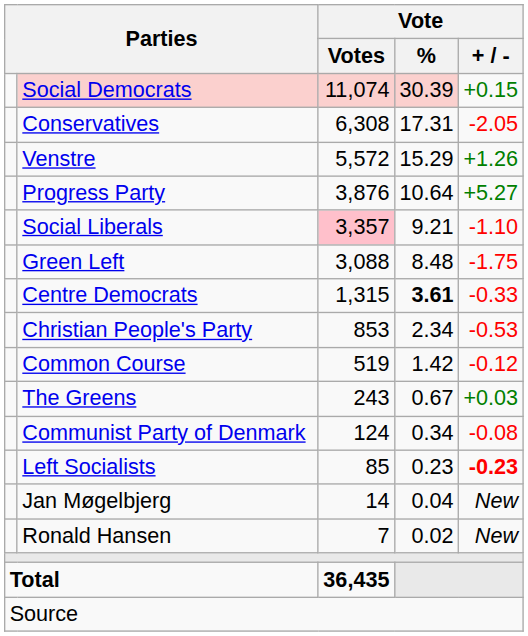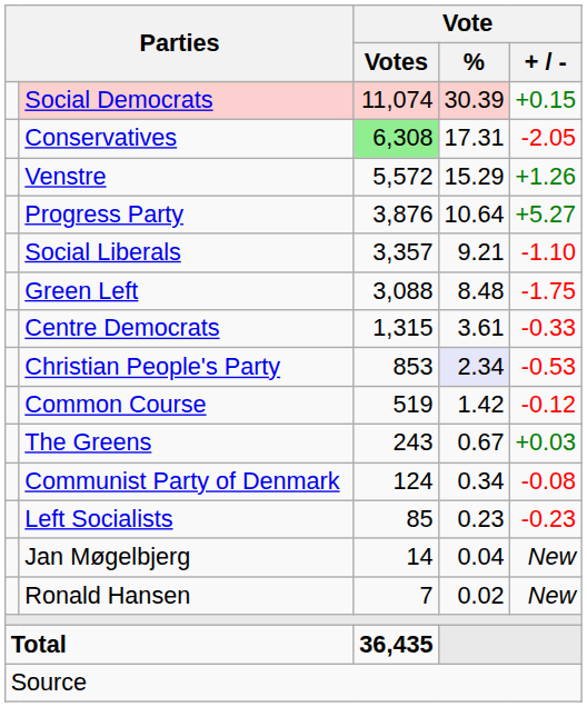 <table class="wikitable" style="text-align:right;">
 <tr>
 <th style="text-align:centre;" rowspan="2" colspan="2" width="225">Parties</th>
 <th colspan="3">Vote</th>
 </tr>
 <tr>
 <th width="15">Votes</th>
 <th width="15">%</th>
 <th width="15">+ / -</th>
 </tr>
 <tr>
 <td width="2" style="color:inherit;background:"></td>
 <td bgcolor=#fbd0ce  align="left"><a href='#'>Social Democrats</a></td>
 <td bgcolor=#fbd0ce>11,074</td>
 <td bgcolor=#fbd0ce>30.39</td>
 <td style=color:green;>+0.15</td>
 </tr>
 <tr>
 <td width="2" style="color:inherit;background:"></td>
 <td align="left"><a href='#'>Conservatives</a></td>
-<td>6,308</td>
+<td style="background: lightgreen;">6,308</td>
 <td>17.31</td>
 <td style=color:red;>-2.05</td>
 </tr>
 <tr>
 <td width="2" style="color:inherit;background:"></td>
 <td align="left"><a href='#'>Venstre</a></td>
 <td>5,572</td>
 <td>15.29</td>
 <td style=color:green;>+1.26</td>
 </tr>
 <tr>
 <td width="2" style="color:inherit;background:"></td>
 <td align="left"><a href='#'>Progress Party</a></td>
 <td>3,876</td>
 <td>10.64</td>
 <td style=color:green;>+5.27</td>
 </tr>
 <tr>
 <td width="2" style="color:inherit;background:"></td>
 <td align="left"><a href='#'>Social Liberals</a></td>
-<td style="background: pink;">3,357</td>
+<td>3,357</td>
 <td>9.21</td>
 <td style=color:red;>-1.10</td>
 </tr>
 <tr>
 <td width="2" style="color:inherit;background:"></td>
 <td align="left"><a href='#'>Green Left</a></td>
 <td>3,088</td>
 <td>8.48</td>
 <td style=color:red;>-1.75</td>
 </tr>
 <tr>
 <td width="2" style="color:inherit;background:"></td>
 <td align="left"><a href='#'>Centre Democrats</a></td>
 <td>1,315</td>
-<td><strong>3.61</strong></td>
+<td>3.61</td>
 <td style=color:red;>-0.33</td>
 </tr>
 <tr>
 <td width="2" style="color:inherit;background:"></td>
 <td align="left"><a href='#'>Christian People's Party</a></td>
 <td>853</td>
-<td>2.34</td>
+<td style="background: lavender;">2.34</td>
 <td style=color:red;>-0.53</td>
 </tr>
 <tr>
 <td width="2" style="color:inherit;background:"></td>
 <td align="left"><a href='#'>Common Course</a></td>
 <td>519</td>
 <td>1.42</td>
 <td style=color:red;>-0.12</td>
 </tr>
 <tr>
 <td width="2" style="color:inherit;background:"></td>
 <td align="left"><a href='#'>The Greens</a></td>
 <td>243</td>
 <td>0.67</td>
 <td style=color:green;>+0.03</td>
 </tr>
 <tr>
 <td width="2" style="color:inherit;background:"></td>
 <td align="left"><a href='#'>Communist Party of Denmark</a></td>
 <td>124</td>
 <td>0.34</td>
 <td style=color:red;>-0.08</td>
 </tr>
 <tr>
 <td width="2" style="color:inherit;background:"></td>
 <td align="left"><a href='#'>Left Socialists</a></td>
 <td>85</td>
 <td>0.23</td>
-<td style=color:red;><strong>-0.23</strong></td>
+<td style=color:red;>-0.23</td>
 </tr>
 <tr>
 <td width="2" style="color:inherit;background:"></td>
 <td align="left">Jan Møgelbjerg</td>
 <td>14</td>
 <td>0.04</td>
 <td><em>New</em></td>
 </tr>
 <tr>
 <td width="2" style="color:inherit;background:"></td>
 <td align="left">Ronald Hansen</td>
 <td>7</td>
 <td>0.02</td>
 <td><em>New</em></td>
 </tr>
 <tr>
 <td colspan="7" bgcolor="#E9E9E9"></td>
 </tr>
 <tr>
 <td align="left" colspan="2"><strong>Total</strong></td>
 <td><strong>36,435</strong></td>
 <td bgcolor="#E9E9E9" colspan="2"></td>
 </tr>
 <tr>
 <td align="left" colspan="6">Source</td>
 </tr>
 </table>
